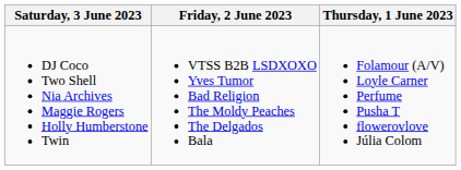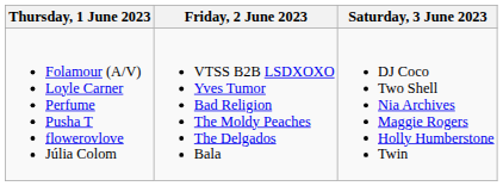 <table class="wikitable">
 <tr>
+<th>Thursday, 1 June 2023</th>
+<th>Friday, 2 June 2023</th>
 <th>Saturday, 3 June 2023</th>
-<th>Friday, 2 June 2023</th>
-<th>Thursday, 1 June 2023</th>
 </tr>
 <tr valign="top">
+<td><br><ul><li><a href='#'>Folamour</a> (A/V)</li><li><a href='#'>Loyle Carner</a></li><li><a href='#'>Perfume</a></li><li><a href='#'>Pusha T</a></li><li><a href='#'>flowerovlove</a></li><li>Júlia Colom</li></ul></td>
+<td><br><ul><li>VTSS B2B <a href='#'>LSDXOXO</a></li><li><a href='#'>Yves Tumor</a></li><li><a href='#'>Bad Religion</a></li><li><a href='#'>The Moldy Peaches</a></li><li><a href='#'>The Delgados</a></li><li>Bala</li></ul></td>
 <td><br><ul><li>DJ Coco</li><li>Two Shell</li><li><a href='#'>Nia Archives</a></li><li><a href='#'>Maggie Rogers</a></li><li><a href='#'>Holly Humberstone</a></li><li>Twin</li></ul></td>
-<td><br><ul><li>VTSS B2B <a href='#'>LSDXOXO</a></li><li><a href='#'>Yves Tumor</a></li><li><a href='#'>Bad Religion</a></li><li><a href='#'>The Moldy Peaches</a></li><li><a href='#'>The Delgados</a></li><li>Bala</li></ul></td>
-<td><br><ul><li><a href='#'>Folamour</a> (A/V)</li><li><a href='#'>Loyle Carner</a></li><li><a href='#'>Perfume</a></li><li><a href='#'>Pusha T</a></li><li><a href='#'>flowerovlove</a></li><li>Júlia Colom</li></ul></td>
 </tr>
 </table>
